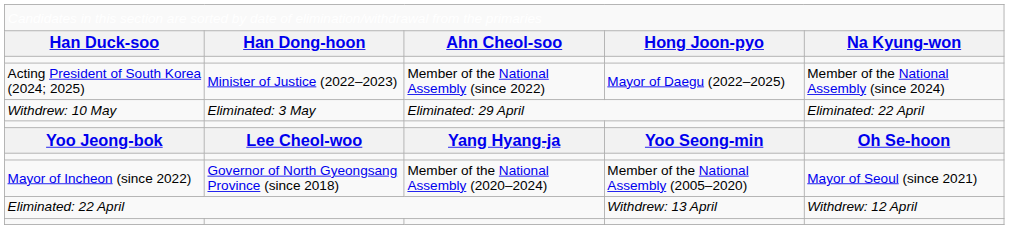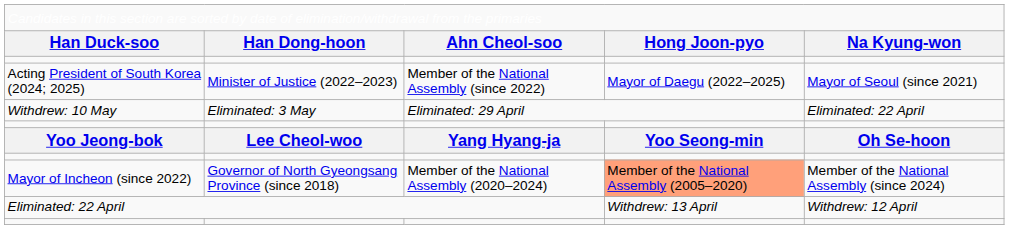 <table class="wikitable defaultcenter">
 <tr>
 <td colspan="5" style="font-size:120%; color:white; background:"><em><small>Candidates in this section are sorted by date of elimination/withdrawal from the primaries</small></em></td>
 </tr>
 <tr>
 <th scope="col" style="width:11.8em; font-size:120%;"><a href='#'>Han Duck-soo</a></th>
 <th scope="col" style="width:11.8em; font-size:120%;"><a href='#'>Han Dong-hoon</a></th>
 <th scope="col" style="width:11.8em; font-size:120%;"><a href='#'>Ahn Cheol-soo</a></th>
 <th scope="col" style="width:11.8em; font-size:120%;"><a href='#'>Hong Joon-pyo</a></th>
 <th scope="col" style="width:11.8em; font-size:120%;"><a href='#'>Na Kyung-won</a></th>
 </tr>
 <tr>
 <td></td>
 <td></td>
 <td></td>
 <td></td>
 <td></td>
 </tr>
 <tr>
 <td>Acting <a href='#'>President of South Korea</a> (2024; 2025)</td>
 <td><a href='#'>Minister of Justice</a> (2022–2023)</td>
 <td>Member of the <a href='#'>National Assembly</a> (since 2022)</td>
 <td><a href='#'>Mayor of Daegu</a> (2022–2025)</td>
-<td>Member of the <a href='#'>National Assembly</a> (since 2024)</td>
+<td><a href='#'>Mayor of Seoul</a> (since 2021)</td>
 </tr>
 <tr>
 <td><em>Withdrew: 10 May</em><br></td>
 <td><em>Eliminated: 3 May</em><br></td>
 <td colspan="2"><em>Eliminated: 29 April</em><br></td>
 <td><em>Eliminated: 22 April</em><br></td>
 </tr>
 <tr>
 <td></td>
 <td></td>
 <td></td>
 <td></td>
 <td></td>
 </tr>
 <tr>
 <th scope="col" style="width:11.8em; font-size:120%;"><a href='#'>Yoo Jeong-bok</a></th>
 <th scope="col" style="width:11.8em; font-size:120%;"><a href='#'>Lee Cheol-woo</a></th>
 <th scope="col" style="width:11.8em; font-size:120%;"><a href='#'>Yang Hyang-ja</a></th>
 <th scope="col" style="width:11.8em; font-size:120%;"><a href='#'>Yoo Seong-min</a></th>
 <th scope="col" style="width:11.8em; font-size:120%;"><a href='#'>Oh Se-hoon</a></th>
 </tr>
 <tr>
 <td></td>
 <td></td>
 <td></td>
 <td></td>
 <td></td>
 </tr>
 <tr>
 <td><a href='#'>Mayor of Incheon</a> (since 2022)</td>
 <td><a href='#'>Governor of North Gyeongsang Province</a> (since 2018)</td>
 <td>Member of the <a href='#'>National Assembly</a> (2020–2024)</td>
-<td>Member of the <a href='#'>National Assembly</a> (2005–2020)</td>
-<td><a href='#'>Mayor of Seoul</a> (since 2021)</td>
+<td style="background: lightsalmon;">Member of the <a href='#'>National Assembly</a> (2005–2020)</td>
+<td>Member of the <a href='#'>National Assembly</a> (since 2024)</td>
 </tr>
 <tr>
 <td colspan="3"><em>Eliminated: 22 April</em><br></td>
 <td><em>Withdrew: 13 April</em><br></td>
 <td><em>Withdrew: 12 April</em><br></td>
 </tr>
 <tr>
 <td></td>
 <td></td>
 <td></td>
 <td></td>
 <td></td>
 </tr>
 </table>
